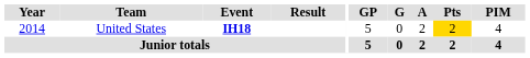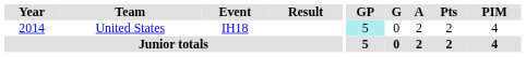 <table border="0" cellpadding="1" cellspacing="0" ID="Table3" style="text-align:center; width:40em">
 <tr bgcolor="#e0e0e0">
 <th>Year</th>
 <th>Team</th>
 <th>Event</th>
 <th>Result</th>
 <th rowspan="99" bgcolor="#ffffff"></th>
 <th>GP</th>
 <th>G</th>
 <th>A</th>
 <th>Pts</th>
 <th>PIM</th>
 </tr>
 <tr>
 <td><a href='#'>2014</a></td>
 <td><a href='#'>United States</a></td>
-<td><strong><a href='#'>IH18</a></strong></td>
+<td><a href='#'>IH18</a></td>
 <td></td>
-<td>5</td>
+<td style="background: paleturquoise;">5</td>
 <td>0</td>
 <td>2</td>
-<td style="background: gold;">2</td>
+<td>2</td>
 <td>4</td>
 </tr>
 <tr bgcolor="#e0e0e0">
 <th colspan="4">Junior totals</th>
 <th>5</th>
 <th>0</th>
 <th>2</th>
 <th>2</th>
 <th>4</th>
 </tr>
 </table>
